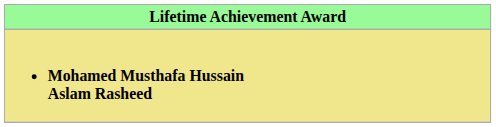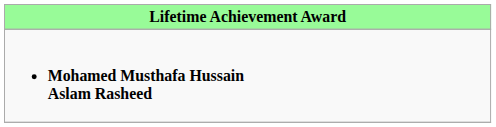 <table class="wikitable">
 <tr>
 <th style="background:#98fb98; width:50%;">Lifetime Achievement Award</th>
 </tr>
 <tr>
 </tr>
 <tr>
-<td valign="top" style="background: khaki;"><br><ul><li><strong>Mohamed Musthafa Hussain</strong><br><strong>Aslam Rasheed</strong></li></ul></td>
+<td valign="top"><br><ul><li><strong>Mohamed Musthafa Hussain</strong><br><strong>Aslam Rasheed</strong></li></ul></td>
 </tr>
 <tr>
 </tr>
 </table>
